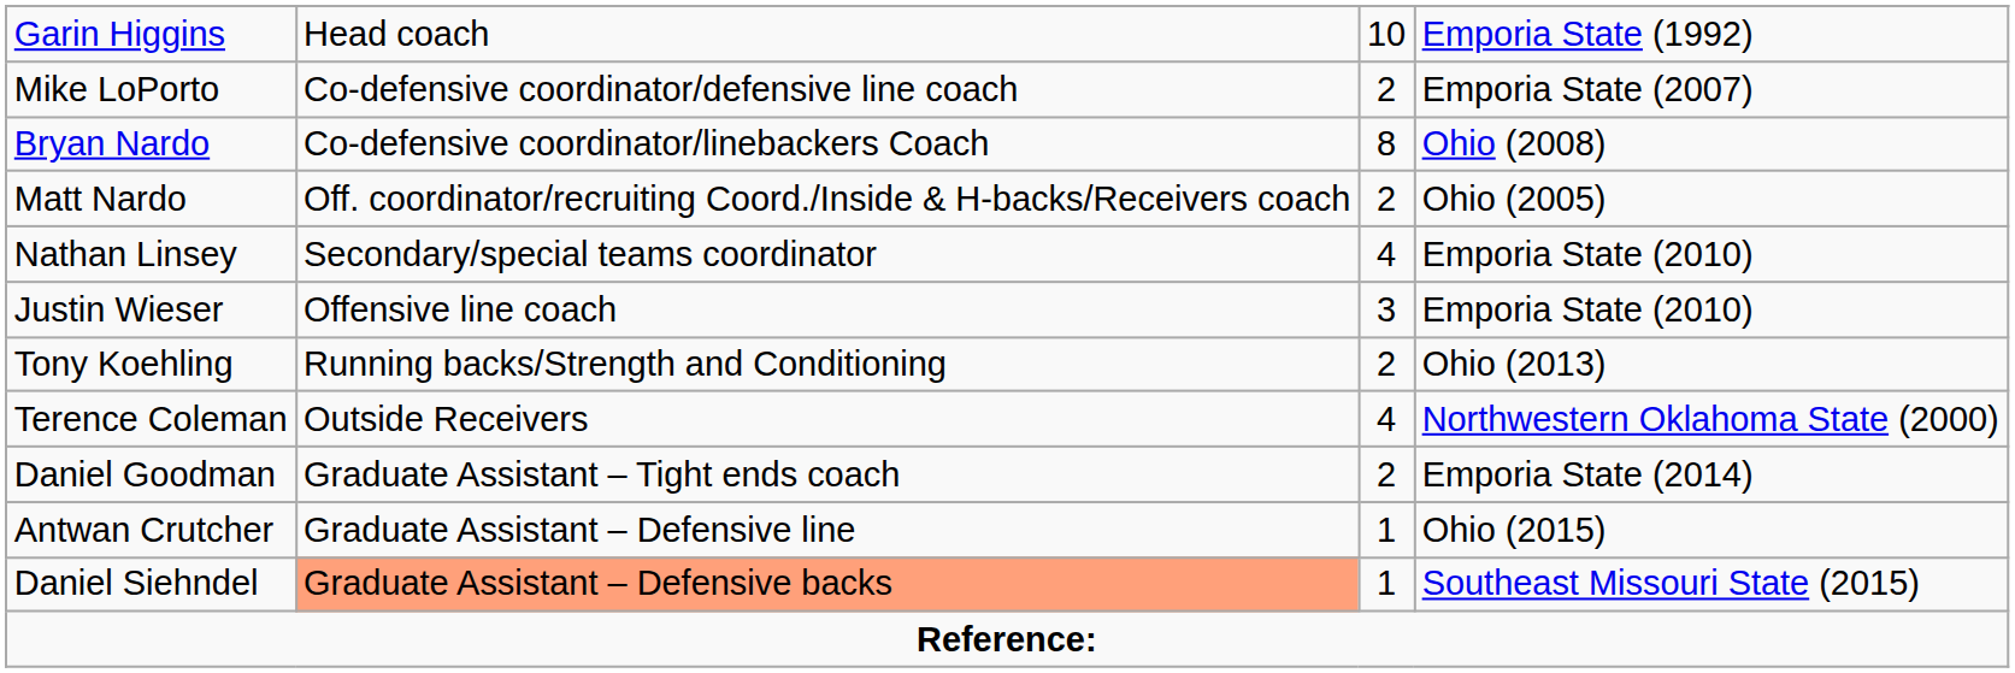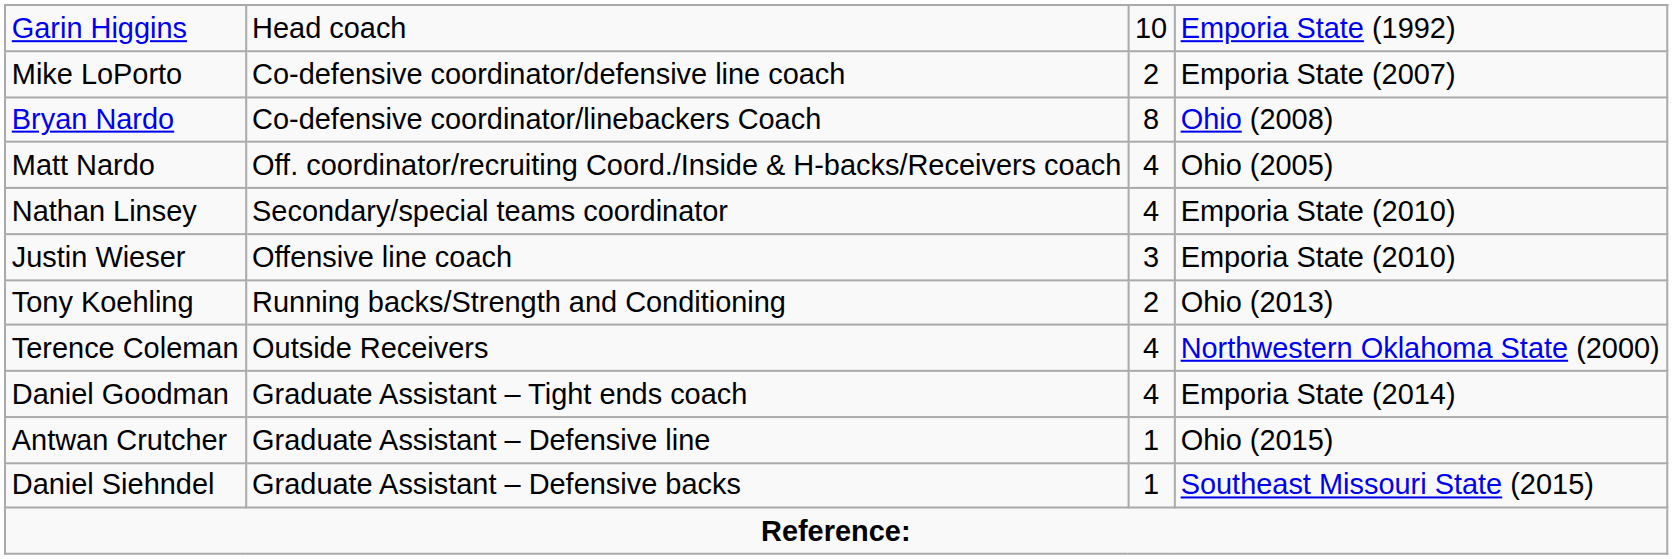 <table class="wikitable" style="font-size:90%;">
 <tr>
 </tr>
 <tr>
 <td><a href='#'>Garin Higgins</a></td>
 <td>Head coach</td>
 <td align=center>10</td>
 <td><a href='#'>Emporia State</a> (1992)</td>
 </tr>
 <tr>
 <td>Mike LoPorto</td>
 <td>Co-defensive coordinator/defensive line coach</td>
 <td align=center>2</td>
 <td>Emporia State (2007)</td>
 </tr>
 <tr>
 <td><a href='#'>Bryan Nardo</a></td>
 <td>Co-defensive coordinator/linebackers Coach</td>
 <td align=center>8</td>
 <td><a href='#'>Ohio</a> (2008)</td>
 </tr>
 <tr>
 <td>Matt Nardo</td>
 <td>Off. coordinator/recruiting Coord./Inside & H-backs/Receivers coach</td>
-<td align=center>2</td>
+<td align=center>4</td>
 <td>Ohio (2005)</td>
 </tr>
 <tr>
 <td>Nathan Linsey</td>
 <td>Secondary/special teams coordinator</td>
 <td align=center>4</td>
 <td>Emporia State (2010)</td>
 </tr>
 <tr>
 <td>Justin Wieser</td>
 <td>Offensive line coach</td>
 <td align=center>3</td>
 <td>Emporia State (2010)</td>
 </tr>
 <tr>
 <td>Tony Koehling</td>
 <td>Running backs/Strength and Conditioning</td>
 <td align=center>2</td>
 <td>Ohio (2013)</td>
 </tr>
 <tr>
 <td>Terence Coleman</td>
 <td>Outside Receivers</td>
 <td align=center>4</td>
 <td><a href='#'>Northwestern Oklahoma State</a> (2000)</td>
 </tr>
 <tr>
 <td>Daniel Goodman</td>
 <td>Graduate Assistant – Tight ends coach</td>
-<td align=center>2</td>
+<td align=center>4</td>
 <td>Emporia State (2014)</td>
 </tr>
 <tr>
 <td>Antwan Crutcher</td>
 <td>Graduate Assistant – Defensive line</td>
 <td align=center>1</td>
 <td>Ohio (2015)</td>
 </tr>
 <tr>
 <td>Daniel Siehndel</td>
-<td style="background: lightsalmon;">Graduate Assistant – Defensive backs</td>
+<td>Graduate Assistant – Defensive backs</td>
 <td align=center>1</td>
 <td><a href='#'>Southeast Missouri State</a> (2015)</td>
 </tr>
 <tr style="text-align:center;">
 <td colspan=4><strong>Reference:</strong></td>
 </tr>
 </table>
